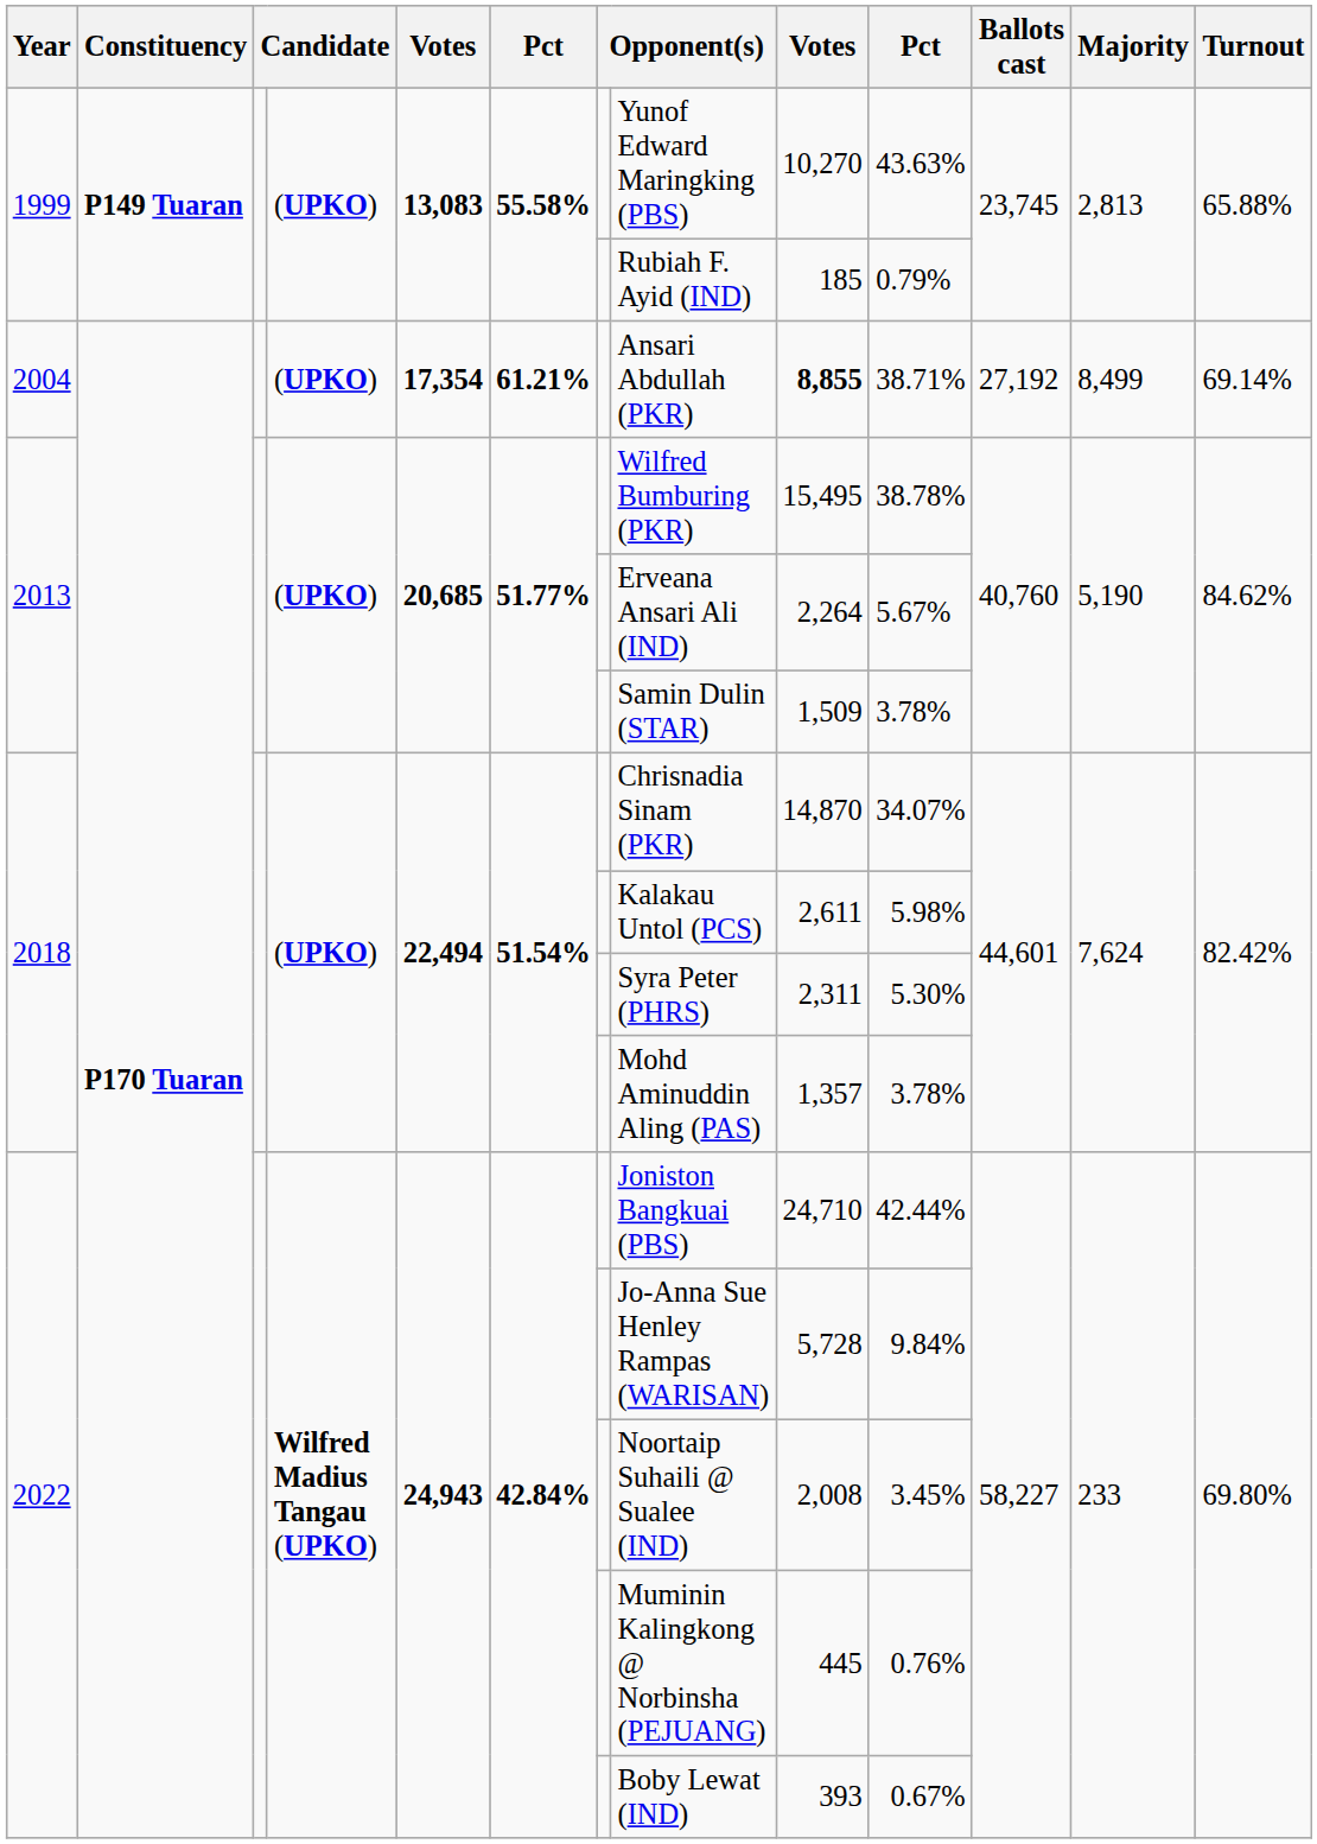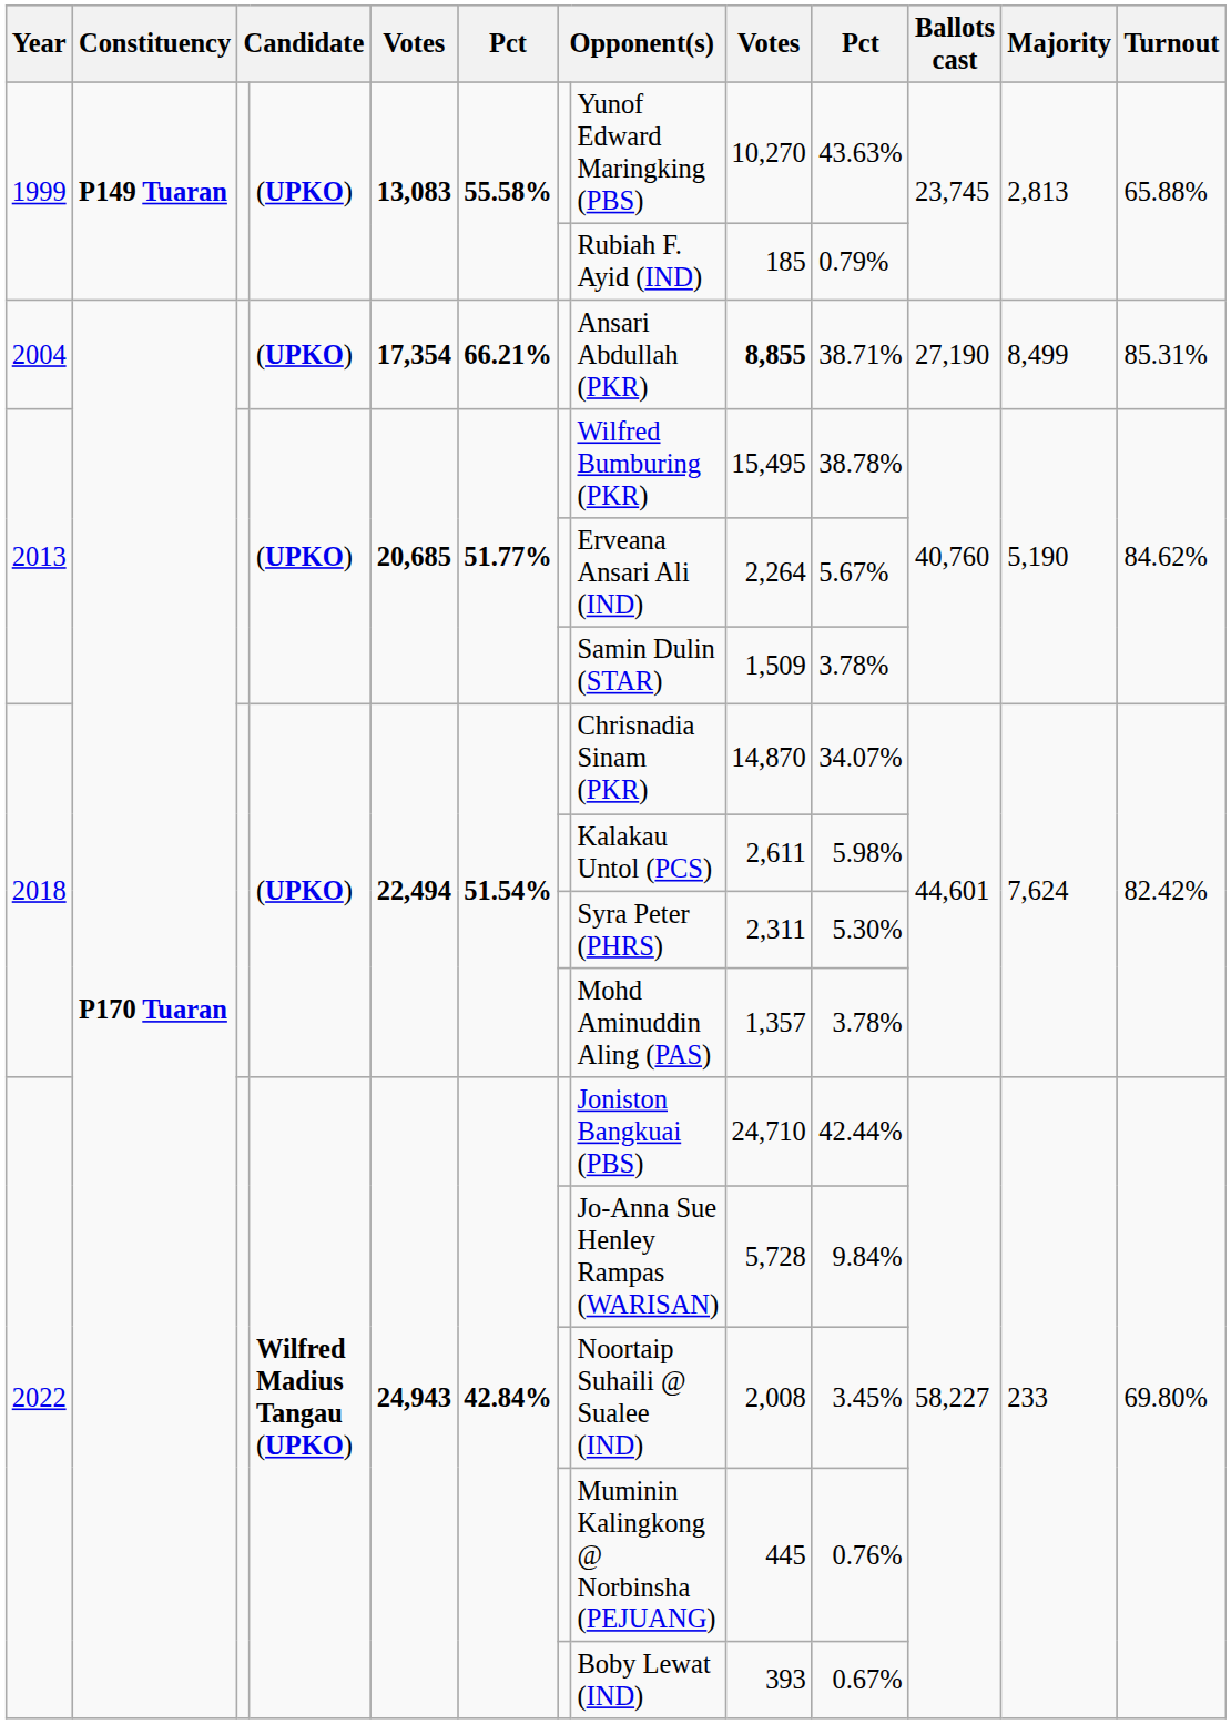 <table class="wikitable" style="margin:0.5em ; font-size:95%">
 <tr>
 <th>Year</th>
 <th>Constituency</th>
 <th colspan=2>Candidate</th>
 <th>Votes</th>
 <th>Pct</th>
 <th colspan=2>Opponent(s)</th>
 <th>Votes</th>
 <th>Pct</th>
 <th>Ballots cast</th>
 <th>Majority</th>
 <th>Turnout</th>
 </tr>
 <tr>
 <td rowspan=2><a href='#'>1999</a></td>
 <td rowspan=2><strong>P149 <a href='#'>Tuaran</a></strong></td>
 <td rowspan=2 ></td>
 <td rowspan=2> (<a href='#'><strong>UPKO</strong></a>)</td>
 <td rowspan=2  align="right"><strong>13,083</strong></td>
 <td rowspan=2><strong>55.58%</strong></td>
 <td></td>
 <td>Yunof Edward Maringking (<a href='#'>PBS</a>)</td>
 <td align="right">10,270</td>
 <td>43.63%</td>
 <td rowspan=2>23,745</td>
 <td rowspan=2>2,813</td>
 <td rowspan=2>65.88%</td>
 </tr>
 <tr>
 <td></td>
 <td>Rubiah F. Ayid (<a href='#'>IND</a>)</td>
 <td align="right">185</td>
 <td>0.79%</td>
 </tr>
 <tr>
 <td><a href='#'>2004</a></td>
 <td rowspan="13"><strong>P170 <a href='#'>Tuaran</a></strong></td>
 <td></td>
 <td> (<a href='#'><strong>UPKO</strong></a>)</td>
 <td align="right"><strong>17,354</strong></td>
-<td><strong>61.21%</strong></td>
+<td><strong>66.21%</strong></td>
 <td></td>
 <td>Ansari Abdullah (<a href='#'>PKR</a>)</td>
 <td align="right"><strong>8,855</strong></td>
 <td>38.71%</td>
-<td rowspan=1>27,192</td>
+<td rowspan=1>27,190</td>
 <td rowspan=1>8,499</td>
-<td rowspan=1>69.14%</td>
+<td rowspan=1>85.31%</td>
 </tr>
 <tr>
 <td rowspan=3><a href='#'>2013</a></td>
 <td rowspan=3 ></td>
 <td rowspan=3> (<a href='#'><strong>UPKO</strong></a>)</td>
 <td rowspan=3 align="right"><strong>20,685</strong></td>
 <td rowspan=3><strong>51.77%</strong></td>
 <td></td>
 <td><a href='#'>Wilfred Bumburing</a> (<a href='#'>PKR</a>)</td>
 <td align="right">15,495</td>
 <td>38.78%</td>
 <td rowspan=3>40,760</td>
 <td rowspan=3>5,190</td>
 <td rowspan=3>84.62%</td>
 </tr>
 <tr>
 <td></td>
 <td>Erveana Ansari Ali (<a href='#'>IND</a>)</td>
 <td align="right">2,264</td>
 <td>5.67%</td>
 </tr>
 <tr>
 <td></td>
 <td>Samin Dulin (<a href='#'>STAR</a>)</td>
 <td align="right">1,509</td>
 <td>3.78%</td>
 </tr>
 <tr>
 <td rowspan=4><a href='#'>2018</a></td>
 <td rowspan=4 ></td>
 <td rowspan=4> (<a href='#'><strong>UPKO</strong></a>)</td>
 <td rowspan=4 align="right"><strong>22,494</strong></td>
 <td rowspan=4><strong>51.54%</strong></td>
 <td></td>
 <td>Chrisnadia Sinam (<a href='#'>PKR</a>)</td>
 <td align="right">14,870</td>
 <td>34.07%</td>
 <td rowspan=4>44,601</td>
 <td rowspan=4>7,624</td>
 <td rowspan=4>82.42%</td>
 </tr>
 <tr>
 <td></td>
 <td>Kalakau Untol (<a href='#'>PCS</a>)</td>
 <td align="right">2,611</td>
 <td align="right">5.98%</td>
 </tr>
 <tr>
 <td></td>
 <td>Syra Peter (<a href='#'>PHRS</a>)</td>
 <td align="right">2,311</td>
 <td align="right">5.30%</td>
 </tr>
 <tr>
 <td></td>
 <td>Mohd Aminuddin Aling (<a href='#'>PAS</a>)</td>
 <td align="right">1,357</td>
 <td align="right">3.78%</td>
 </tr>
 <tr>
 <td rowspan="5"><a href='#'>2022</a></td>
 <td rowspan="5" ></td>
 <td rowspan="5"><strong>Wilfred Madius Tangau</strong> (<a href='#'><strong>UPKO</strong></a>)</td>
 <td rowspan="5" align="right"><strong>24,943</strong></td>
 <td rowspan="5"><strong>42.84%</strong></td>
 <td></td>
 <td><a href='#'>Joniston Bangkuai</a> (<a href='#'>PBS</a>)</td>
 <td align="right">24,710</td>
 <td>42.44%</td>
 <td rowspan="5">58,227</td>
 <td rowspan="5">233</td>
 <td rowspan="5">69.80%</td>
 </tr>
 <tr>
 <td></td>
 <td>Jo-Anna Sue Henley Rampas (<a href='#'>WARISAN</a>)</td>
 <td align="right">5,728</td>
 <td align="right">9.84%</td>
 </tr>
 <tr>
 <td></td>
 <td>Noortaip Suhaili @ Sualee (<a href='#'>IND</a>)</td>
 <td align="right">2,008</td>
 <td align="right">3.45%</td>
 </tr>
 <tr>
 <td></td>
 <td>Muminin Kalingkong @ Norbinsha (<a href='#'>PEJUANG</a>)</td>
 <td align="right">445</td>
 <td align="right">0.76%</td>
 </tr>
 <tr>
 <td></td>
 <td>Boby Lewat (<a href='#'>IND</a>)</td>
 <td align="right">393</td>
 <td align="right">0.67%</td>
 </tr>
 </table>
